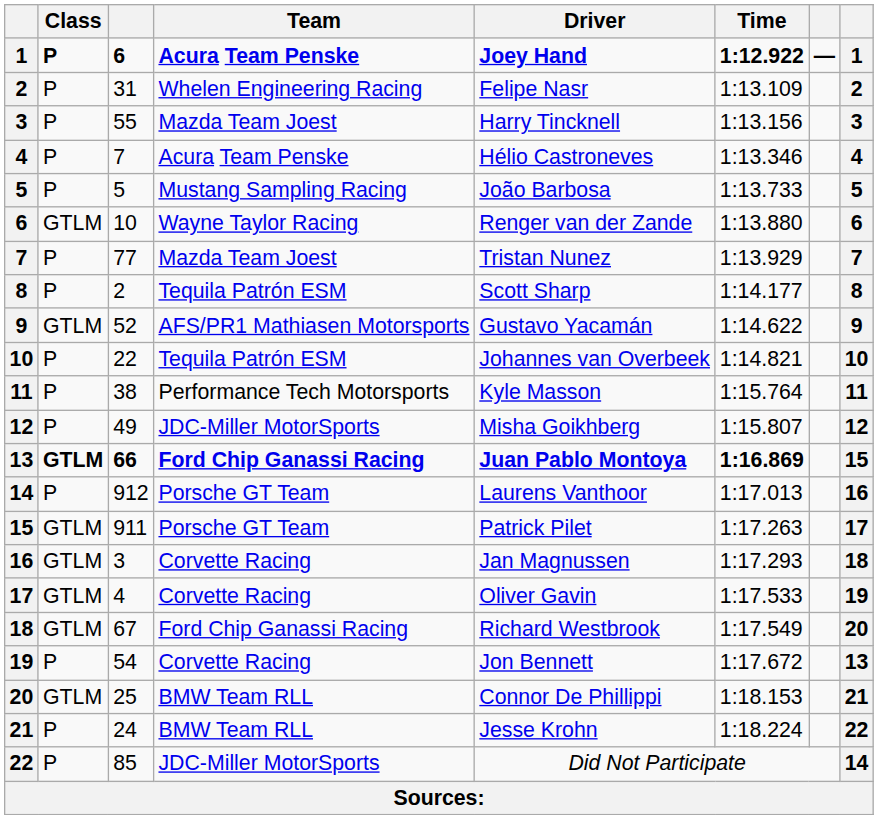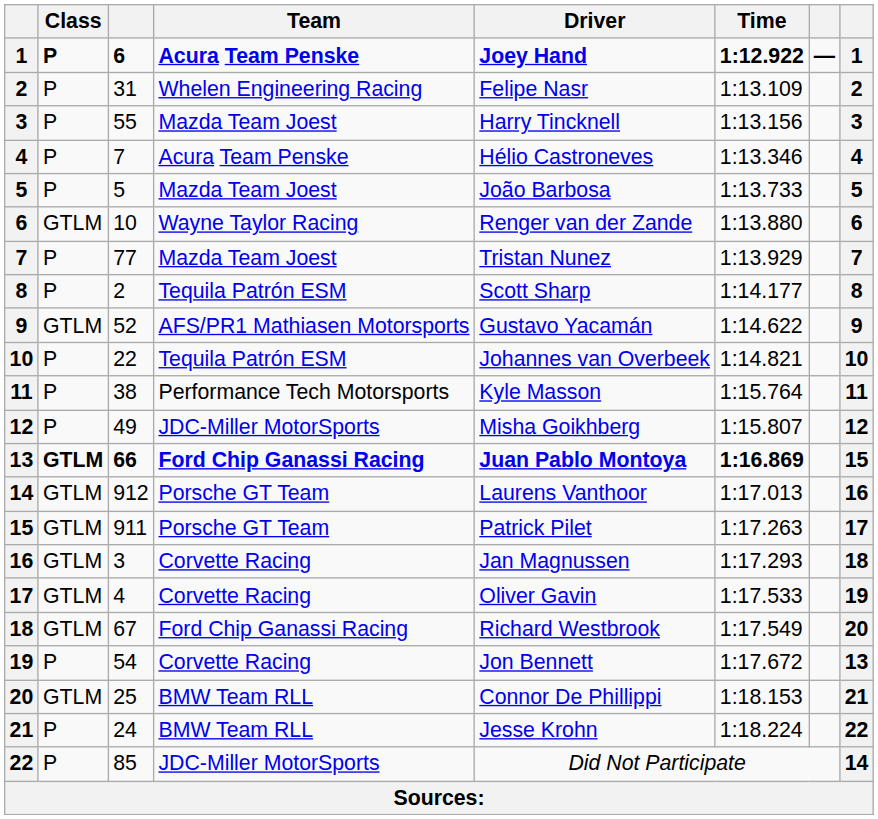 <table class="wikitable">
 <tr>
 <th scope="col"></th>
 <th scope="col">Class</th>
 <th scope="col"></th>
 <th scope="col">Team</th>
 <th scope="col">Driver</th>
 <th scope="col">Time</th>
 <th scope="col"></th>
 <th scope="col"></th>
 </tr>
 <tr>
 <th scope="row">1</th>
 <td><strong>P</strong></td>
 <td><strong>6</strong></td>
 <td><strong> <a href='#'>Acura</a> <a href='#'>Team Penske</a></strong></td>
 <td><strong> <a href='#'>Joey Hand</a></strong></td>
 <td><strong>1:12.922</strong></td>
 <td><strong>—</strong></td>
 <th><strong>1</strong></th>
 </tr>
 <tr>
 <th scope="row">2</th>
 <td>P</td>
 <td>31</td>
 <td> <a href='#'>Whelen Engineering Racing</a></td>
 <td> <a href='#'>Felipe Nasr</a></td>
 <td>1:13.109</td>
 <td></td>
 <th>2</th>
 </tr>
 <tr>
 <th scope="row">3</th>
 <td>P</td>
 <td>55</td>
 <td> <a href='#'>Mazda Team Joest</a></td>
 <td> <a href='#'>Harry Tincknell</a></td>
 <td>1:13.156</td>
 <td></td>
 <th>3</th>
 </tr>
 <tr>
 <th scope="row">4</th>
 <td>P</td>
 <td>7</td>
 <td> <a href='#'>Acura</a> <a href='#'>Team Penske</a></td>
 <td> <a href='#'>Hélio Castroneves</a></td>
 <td>1:13.346</td>
 <td></td>
 <th>4</th>
 </tr>
 <tr>
 <th scope="row">5</th>
 <td>P</td>
 <td>5</td>
-<td> <a href='#'>Mustang Sampling Racing</a></td>
+<td> <a href='#'>Mazda Team Joest</a></td>
 <td> <a href='#'>João Barbosa</a></td>
 <td>1:13.733</td>
 <td></td>
 <th>5</th>
 </tr>
 <tr>
 <th scope="row">6</th>
 <td>GTLM</td>
 <td>10</td>
 <td> <a href='#'>Wayne Taylor Racing</a></td>
 <td> <a href='#'>Renger van der Zande</a></td>
 <td>1:13.880</td>
 <td></td>
 <th>6</th>
 </tr>
 <tr>
 <th scope="row">7</th>
 <td>P</td>
 <td>77</td>
 <td> <a href='#'>Mazda Team Joest</a></td>
 <td> <a href='#'>Tristan Nunez</a></td>
 <td>1:13.929</td>
 <td></td>
 <th>7</th>
 </tr>
 <tr>
 <th scope="row">8</th>
 <td>P</td>
 <td>2</td>
 <td> <a href='#'>Tequila Patrón ESM</a></td>
 <td> <a href='#'>Scott Sharp</a></td>
 <td>1:14.177</td>
 <td></td>
 <th>8</th>
 </tr>
 <tr>
 <th scope="row">9</th>
 <td>GTLM</td>
 <td>52</td>
 <td> <a href='#'>AFS/PR1 Mathiasen Motorsports</a></td>
 <td> <a href='#'>Gustavo Yacamán</a></td>
 <td>1:14.622</td>
 <td></td>
 <th>9</th>
 </tr>
 <tr>
 <th scope="row">10</th>
 <td>P</td>
 <td>22</td>
 <td> <a href='#'>Tequila Patrón ESM</a></td>
 <td> <a href='#'>Johannes van Overbeek</a></td>
 <td>1:14.821</td>
 <td></td>
 <th>10</th>
 </tr>
 <tr>
 <th scope="row">11</th>
 <td>P</td>
 <td>38</td>
 <td> Performance Tech Motorsports</td>
 <td> <a href='#'>Kyle Masson</a></td>
 <td>1:15.764</td>
 <td></td>
 <th>11</th>
 </tr>
 <tr>
 <th scope="row">12</th>
 <td>P</td>
 <td>49</td>
 <td> <a href='#'>JDC-Miller MotorSports</a></td>
 <td> <a href='#'>Misha Goikhberg</a></td>
 <td>1:15.807</td>
 <td></td>
 <th>12</th>
 </tr>
 <tr>
 <th scope="row">13</th>
 <td><strong>GTLM</strong></td>
 <td><strong>66</strong></td>
 <td><strong> <a href='#'>Ford Chip Ganassi Racing</a></strong></td>
 <td><strong> <a href='#'>Juan Pablo Montoya</a></strong></td>
 <td><strong>1:16.869</strong></td>
 <td><strong></strong></td>
 <th><strong>15</strong></th>
 </tr>
 <tr>
 <th scope="row">14</th>
-<td>P</td>
+<td>GTLM</td>
 <td>912</td>
 <td> <a href='#'>Porsche GT Team</a></td>
 <td> <a href='#'>Laurens Vanthoor</a></td>
 <td>1:17.013</td>
 <td></td>
 <th>16</th>
 </tr>
 <tr>
 <th scope="row">15</th>
 <td>GTLM</td>
 <td>911</td>
 <td> <a href='#'>Porsche GT Team</a></td>
 <td> <a href='#'>Patrick Pilet</a></td>
 <td>1:17.263</td>
 <td></td>
 <th>17</th>
 </tr>
 <tr>
 <th scope="row">16</th>
 <td>GTLM</td>
 <td>3</td>
 <td> <a href='#'>Corvette Racing</a></td>
 <td> <a href='#'>Jan Magnussen</a></td>
 <td>1:17.293</td>
 <td></td>
 <th>18</th>
 </tr>
 <tr>
 <th scope="row">17</th>
 <td>GTLM</td>
 <td>4</td>
 <td> <a href='#'>Corvette Racing</a></td>
 <td> <a href='#'>Oliver Gavin</a></td>
 <td>1:17.533</td>
 <td></td>
 <th>19</th>
 </tr>
 <tr>
 <th scope="row">18</th>
 <td>GTLM</td>
 <td>67</td>
 <td> <a href='#'>Ford Chip Ganassi Racing</a></td>
 <td> <a href='#'>Richard Westbrook</a></td>
 <td>1:17.549</td>
 <td></td>
 <th>20</th>
 </tr>
 <tr>
 <th scope="row">19</th>
 <td>P</td>
 <td>54</td>
 <td> <a href='#'>Corvette Racing</a></td>
 <td> <a href='#'>Jon Bennett</a></td>
 <td>1:17.672</td>
 <td></td>
 <th>13</th>
 </tr>
 <tr>
 <th scope="row">20</th>
 <td>GTLM</td>
 <td>25</td>
 <td> <a href='#'>BMW Team RLL</a></td>
 <td> <a href='#'>Connor De Phillippi</a></td>
 <td>1:18.153</td>
 <td></td>
 <th>21</th>
 </tr>
 <tr>
 <th scope="row">21</th>
 <td>P</td>
 <td>24</td>
 <td> <a href='#'>BMW Team RLL</a></td>
 <td> <a href='#'>Jesse Krohn</a></td>
 <td>1:18.224</td>
 <td></td>
 <th>22</th>
 </tr>
 <tr>
 <th scope="row">22</th>
 <td>P</td>
 <td>85</td>
 <td> <a href='#'>JDC-Miller MotorSports</a></td>
 <td colspan=3 align=center><em>Did Not Participate</em></td>
 <th>14</th>
 </tr>
 <tr>
 <th colspan="8">Sources:</th>
 </tr>
 <tr>
 </tr>
 </table>
